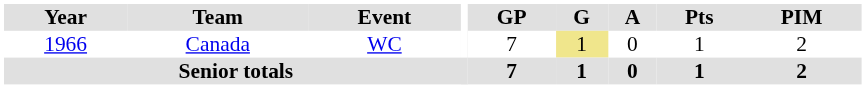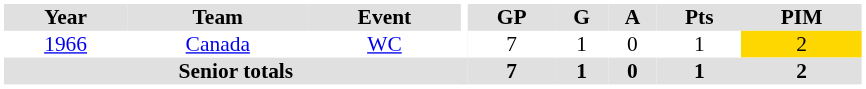 <table border="0" cellpadding="1" cellspacing="0" ID="Table3" style="text-align:center; width:40em">
 <tr bgcolor="#e0e0e0">
 <th>Year</th>
 <th>Team</th>
 <th>Event</th>
 <th rowspan="102" bgcolor="#ffffff"></th>
 <th>GP</th>
 <th>G</th>
 <th>A</th>
 <th>Pts</th>
 <th>PIM</th>
 </tr>
 <tr>
 <td><a href='#'>1966</a></td>
 <td><a href='#'>Canada</a></td>
 <td><a href='#'>WC</a></td>
 <td>7</td>
-<td style="background: khaki;">1</td>
+<td>1</td>
 <td>0</td>
 <td>1</td>
-<td>2</td>
+<td style="background: gold;">2</td>
 </tr>
 <tr bgcolor="#e0e0e0">
 <th colspan="4">Senior totals</th>
 <th>7</th>
 <th>1</th>
 <th>0</th>
 <th>1</th>
 <th>2</th>
 </tr>
 </table>
